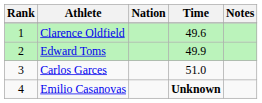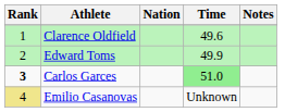 <table class="wikitable sortable" style="text-align:center">
 <tr>
 <th>Rank</th>
 <th>Athlete</th>
 <th>Nation</th>
 <th>Time</th>
 <th>Notes</th>
 </tr>
 <tr>
 </tr>
 <tr bgcolor=bbf3bb>
 <td>1</td>
 <td align=left><a href='#'>Clarence Oldfield</a></td>
 <td align=left></td>
 <td>49.6</td>
 <td></td>
 </tr>
 <tr bgcolor=bbf3bb>
 <td>2</td>
 <td align=left><a href='#'>Edward Toms</a></td>
 <td align=left></td>
 <td>49.9</td>
 <td></td>
 </tr>
 <tr>
-<td>3</td>
+<td><strong>3</strong></td>
 <td align=left><a href='#'>Carlos Garces</a></td>
 <td align=left></td>
-<td>51.0</td>
+<td style="background: lightgreen;">51.0</td>
 <td></td>
 </tr>
 <tr>
-<td>4</td>
+<td style="background: khaki;">4</td>
 <td align=left><a href='#'>Emilio Casanovas</a></td>
 <td align=left></td>
-<td><strong>Unknown</strong></td>
+<td>Unknown</td>
 <td></td>
 </tr>
 </table>
